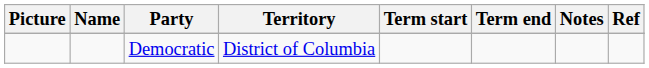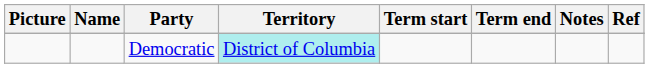 <table class="wikitable sortable">
 <tr>
 <th>Picture</th>
 <th>Name</th>
 <th>Party</th>
 <th>Territory</th>
 <th>Term start</th>
 <th>Term end</th>
 <th>Notes</th>
 <th>Ref</th>
 </tr>
 <tr>
 </tr>
 <tr>
 <td></td>
 <td><br></td>
 <td><a href='#'>Democratic</a></td>
-<td><a href='#'>District of Columbia</a></td>
+<td style="background: paleturquoise;"><a href='#'>District of Columbia</a></td>
 <td></td>
 <td></td>
 <td></td>
 <td></td>
 </tr>
 </table>
